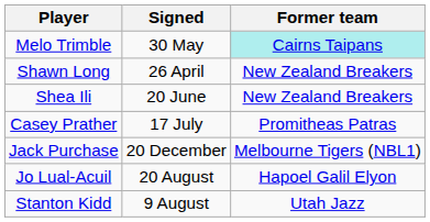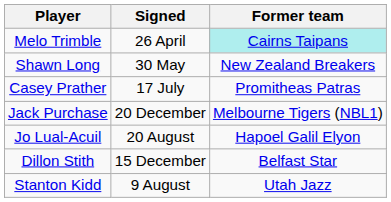 <table class="wikitable sortable sortable" style="text-align: center">
 <tr>
 <th>Player</th>
 <th>Signed</th>
 <th>Former team</th>
 </tr>
 <tr>
 <td><a href='#'>Melo Trimble</a></td>
-<td>30 May</td>
+<td>26 April</td>
 <td style="background: paleturquoise;"><a href='#'>Cairns Taipans</a></td>
 </tr>
 <tr>
 <td><a href='#'>Shawn Long</a></td>
-<td>26 April</td>
-<td><a href='#'>New Zealand Breakers</a></td>
-</tr>
-<tr>
-<td><a href='#'>Shea Ili</a></td>
-<td>20 June</td>
+<td>30 May</td>
 <td><a href='#'>New Zealand Breakers</a></td>
 </tr>
 <tr>
 <td><a href='#'>Casey Prather</a></td>
 <td>17 July</td>
 <td><a href='#'>Promitheas Patras</a></td>
 </tr>
 <tr>
 <td><a href='#'>Jack Purchase</a></td>
 <td>20 December</td>
 <td><a href='#'>Melbourne Tigers</a> (<a href='#'>NBL1</a>)</td>
 </tr>
 <tr>
 <td><a href='#'>Jo Lual-Acuil</a></td>
 <td>20 August</td>
 <td><a href='#'>Hapoel Galil Elyon</a></td>
 </tr>
 <tr>
+<td><a href='#'>Dillon Stith</a></td>
+<td>15 December</td>
+<td><a href='#'>Belfast Star</a></td>
+</tr>
+<tr>
 <td><a href='#'>Stanton Kidd</a></td>
 <td>9 August</td>
 <td><a href='#'>Utah Jazz</a></td>
 </tr>
 </table>
